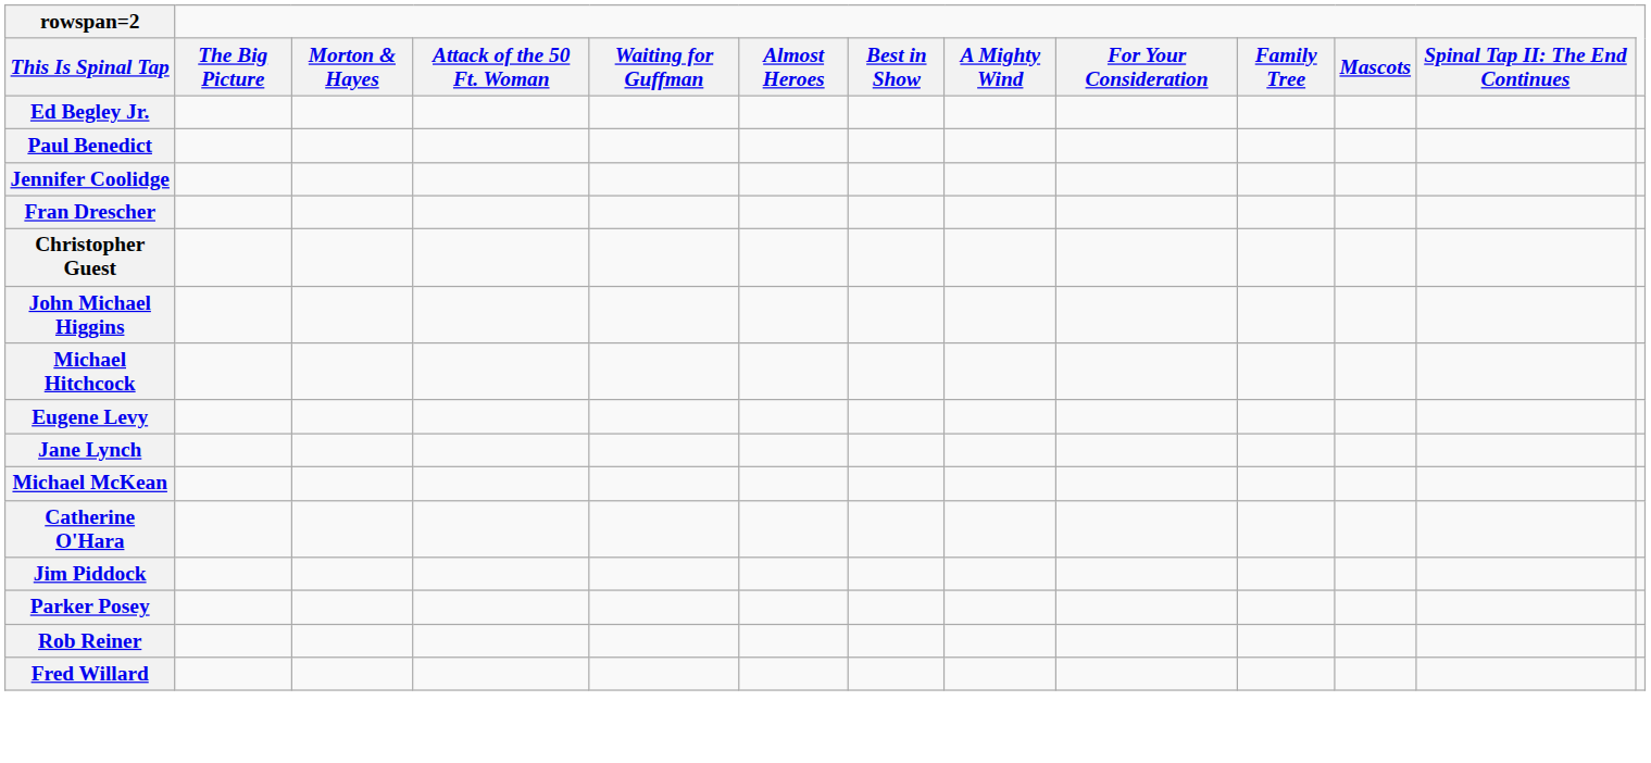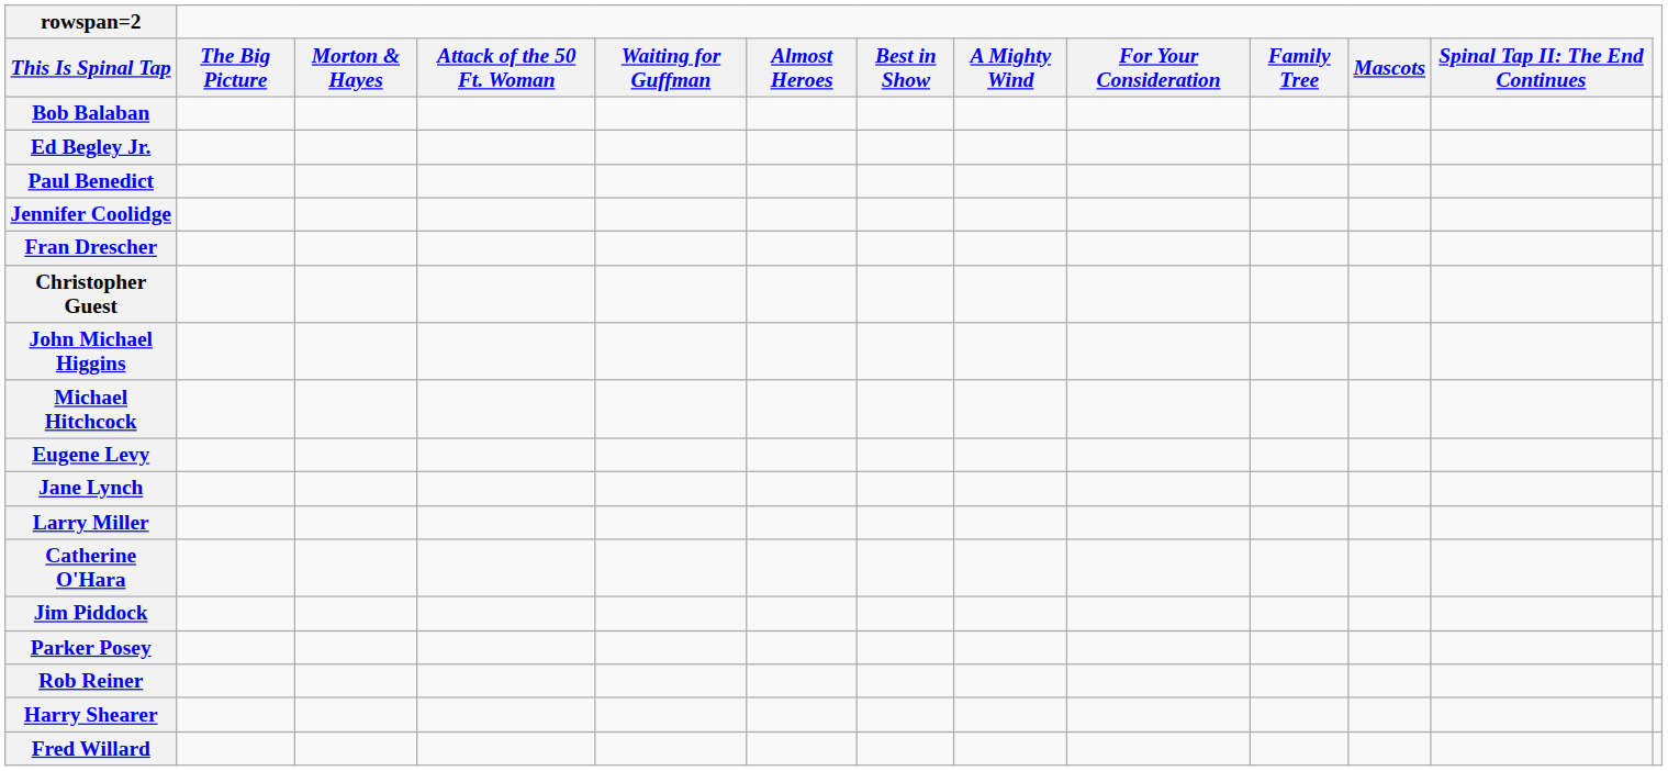 <table class="wikitable" style="text-align:center;font-size:100%;vertical-align:bottom">
 <tr>
 <th>rowspan=2 </th>
 </tr>
 <tr>
 <th><em><a href='#'>This Is Spinal Tap</a></em></th>
 <th><em><a href='#'>The Big Picture</a></em></th>
 <th><em><a href='#'>Morton & Hayes</a></em></th>
 <th><em><a href='#'>Attack of the 50 Ft. Woman</a></em></th>
 <th><em><a href='#'>Waiting for Guffman</a></em></th>
 <th><em><a href='#'>Almost Heroes</a></em></th>
 <th><em><a href='#'>Best in Show</a></em></th>
 <th><em><a href='#'>A Mighty Wind</a></em></th>
 <th><em><a href='#'>For Your Consideration</a></em></th>
 <th><em><a href='#'>Family Tree</a></em></th>
 <th><em><a href='#'>Mascots</a></em></th>
 <th><em><a href='#'>Spinal Tap II: The End Continues</a></em></th>
+</tr>
+<tr>
+<th><a href='#'>Bob Balaban</a></th>
+<td></td>
+<td></td>
+<td></td>
+<td></td>
+<td></td>
+<td></td>
+<td></td>
+<td></td>
+<td></td>
+<td></td>
+<td></td>
+<td></td>
 </tr>
 <tr>
 <th><a href='#'>Ed Begley Jr.</a></th>
 <td></td>
 <td></td>
 <td></td>
 <td></td>
 <td></td>
 <td></td>
 <td></td>
 <td></td>
 <td></td>
 <td></td>
 <td></td>
 <td></td>
 </tr>
 <tr>
 <th><a href='#'>Paul Benedict</a></th>
 <td></td>
 <td></td>
 <td></td>
 <td></td>
 <td></td>
 <td></td>
 <td></td>
 <td></td>
 <td></td>
 <td></td>
 <td></td>
 <td></td>
 </tr>
 <tr>
 <th><a href='#'>Jennifer Coolidge</a></th>
 <td></td>
 <td></td>
 <td></td>
 <td></td>
 <td></td>
 <td></td>
 <td></td>
 <td></td>
 <td></td>
 <td></td>
 <td></td>
 <td></td>
 </tr>
 <tr>
 <th><a href='#'>Fran Drescher</a></th>
 <td></td>
 <td></td>
 <td></td>
 <td></td>
 <td></td>
 <td></td>
 <td></td>
 <td></td>
 <td></td>
 <td></td>
 <td></td>
 <td></td>
 </tr>
 <tr>
 <th>Christopher Guest</th>
 <td></td>
 <td></td>
 <td></td>
 <td></td>
 <td></td>
 <td></td>
 <td></td>
 <td></td>
 <td></td>
 <td></td>
 <td></td>
 <td></td>
 </tr>
 <tr>
 <th><a href='#'>John Michael Higgins</a></th>
 <td></td>
 <td></td>
 <td></td>
 <td></td>
 <td></td>
 <td></td>
 <td></td>
 <td></td>
 <td></td>
 <td></td>
 <td></td>
 <td></td>
 </tr>
 <tr>
 <th><a href='#'>Michael Hitchcock</a></th>
 <td></td>
 <td></td>
 <td></td>
 <td></td>
 <td></td>
 <td></td>
 <td></td>
 <td></td>
 <td></td>
 <td></td>
 <td></td>
 <td></td>
 </tr>
 <tr>
 <th><a href='#'>Eugene Levy</a></th>
 <td></td>
 <td></td>
 <td></td>
 <td></td>
 <td></td>
 <td></td>
 <td></td>
 <td></td>
 <td></td>
 <td></td>
 <td></td>
 <td></td>
 </tr>
 <tr>
 <th><a href='#'>Jane Lynch</a></th>
 <td></td>
 <td></td>
 <td></td>
 <td></td>
 <td></td>
 <td></td>
 <td></td>
 <td></td>
 <td></td>
 <td></td>
 <td></td>
 <td></td>
 </tr>
 <tr>
-<th><a href='#'>Michael McKean</a></th>
+<th><a href='#'>Larry Miller</a></th>
 <td></td>
 <td></td>
 <td></td>
 <td></td>
 <td></td>
 <td></td>
 <td></td>
 <td></td>
 <td></td>
 <td></td>
 <td></td>
 <td></td>
 </tr>
 <tr>
 <th><a href='#'>Catherine O'Hara</a></th>
 <td></td>
 <td></td>
 <td></td>
 <td></td>
 <td></td>
 <td></td>
 <td></td>
 <td></td>
 <td></td>
 <td></td>
 <td></td>
 <td></td>
 </tr>
 <tr>
 <th><a href='#'>Jim Piddock</a></th>
 <td></td>
 <td></td>
 <td></td>
 <td></td>
 <td></td>
 <td></td>
 <td></td>
 <td></td>
 <td></td>
 <td></td>
 <td></td>
 <td></td>
 </tr>
 <tr>
 <th><a href='#'>Parker Posey</a></th>
 <td></td>
 <td></td>
 <td></td>
 <td></td>
 <td></td>
 <td></td>
 <td></td>
 <td></td>
 <td></td>
 <td></td>
 <td></td>
 <td></td>
 </tr>
 <tr>
 <th><a href='#'>Rob Reiner</a></th>
 <td></td>
 <td></td>
 <td></td>
 <td></td>
 <td></td>
 <td></td>
 <td></td>
 <td></td>
 <td></td>
 <td></td>
 <td></td>
 <td></td>
 </tr>
 <tr>
+<th><a href='#'>Harry Shearer</a></th>
+<td></td>
+<td></td>
+<td></td>
+<td></td>
+<td></td>
+<td></td>
+<td></td>
+<td></td>
+<td></td>
+<td></td>
+<td></td>
+<td></td>
+</tr>
+<tr>
 <th><a href='#'>Fred Willard</a></th>
 <td></td>
 <td></td>
 <td></td>
 <td></td>
 <td></td>
 <td></td>
 <td></td>
 <td></td>
 <td></td>
 <td></td>
 <td></td>
 <td></td>
 </tr>
 </table>
